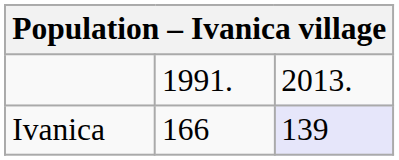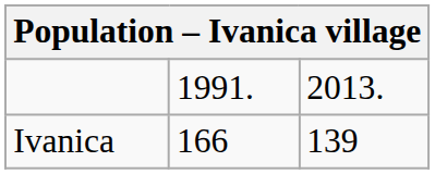 <table class="wikitable">
 <tr>
 <th colspan="3">Population – Ivanica village</th>
 </tr>
 <tr>
 <td></td>
 <td>1991.</td>
 <td>2013.</td>
 </tr>
 <tr>
 <td>Ivanica</td>
 <td>166</td>
-<td style="background: lavender;">139</td>
+<td>139</td>
 </tr>
 </table>
